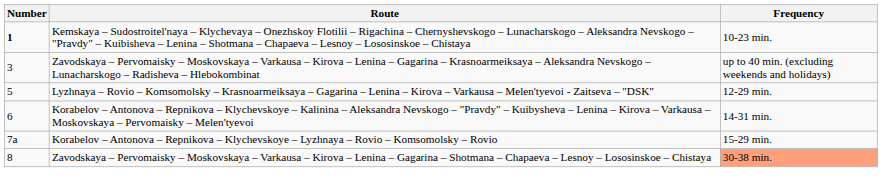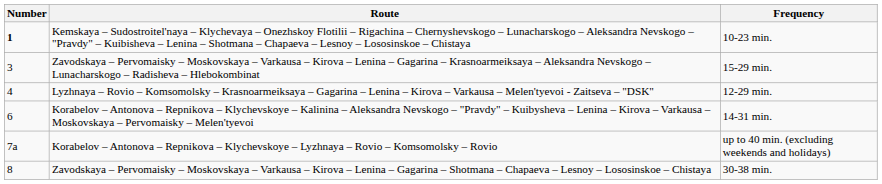 <table class="wikitable">
 <tr>
 <th>Number</th>
 <th>Route</th>
 <th>Frequency</th>
 </tr>
 <tr>
 <td><strong>1</strong></td>
 <td>Kemskaya – Sudostroitel'naya – Klychevaya – Onezhskoy Flotilii – Rigachina – Chernyshevskogo – Lunacharskogo – Aleksandra Nevskogo – "Pravdy" – Kuibisheva – Lenina – Shotmana – Chapaeva – Lesnoy – Lososinskoe – Chistaya</td>
 <td>10-23 min.</td>
 </tr>
 <tr>
 <td>3</td>
 <td>Zavodskaya – Pervomaisky – Moskovskaya – Varkausa – Kirova – Lenina – Gagarina – Krasnoarmeiksaya – Aleksandra Nevskogo – Lunacharskogo – Radisheva – Hlebokombinat</td>
-<td>up to 40 min. (excluding weekends and holidays)</td>
+<td>15-29 min.</td>
 </tr>
 <tr>
-<td>5</td>
+<td>4</td>
 <td>Lyzhnaya – Rovio – Komsomolsky – Krasnoarmeiksaya – Gagarina – Lenina – Kirova – Varkausa – Melen'tyevoi - Zaitseva – "DSK"</td>
 <td>12-29 min.</td>
 </tr>
 <tr>
 <td>6</td>
 <td>Korabelov – Antonova – Repnikova – Klychevskoye – Kalinina – Aleksandra Nevskogo – "Pravdy" – Kuibysheva – Lenina – Kirova – Varkausa – Moskovskaya – Pervomaisky – Melen'tyevoi</td>
 <td>14-31 min.</td>
 </tr>
 <tr>
 <td>7a</td>
 <td>Korabelov – Antonova – Repnikova – Klychevskoye – Lyzhnaya – Rovio – Komsomolsky – Rovio</td>
-<td>15-29 min.</td>
+<td>up to 40 min. (excluding weekends and holidays)</td>
 </tr>
 <tr>
 <td>8</td>
 <td>Zavodskaya – Pervomaisky – Moskovskaya – Varkausa – Kirova – Lenina – Gagarina – Shotmana – Chapaeva – Lesnoy – Lososinskoe – Chistaya</td>
-<td style="background: lightsalmon;">30-38 min.</td>
+<td>30-38 min.</td>
 </tr>
 </table>
